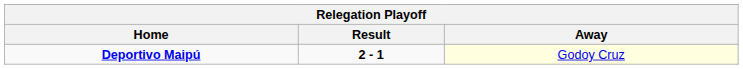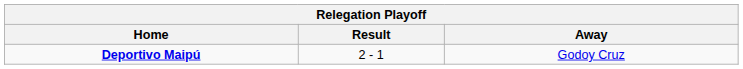 <table align=center class="wikitable collapsed" style="font-size:95%; text-align: center; width: 70%;">
 <tr>
 <th colspan=100% style="with: 100%;" align=center>Relegation Playoff</th>
 </tr>
 <tr>
 <th width=30%>Home</th>
 <th width=15%>Result</th>
 <th width=30%>Away</th>
 </tr>
 <tr align=center>
 <td><strong><a href='#'>Deportivo Maipú</a></strong></td>
-<td><strong>2 - 1</strong></td>
-<td style="background: lightyellow;"><a href='#'>Godoy Cruz</a></td>
+<td>2 - 1</td>
+<td><a href='#'>Godoy Cruz</a></td>
 </tr>
 </table>
